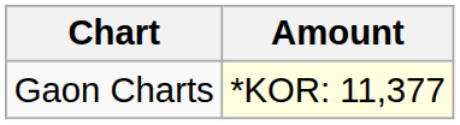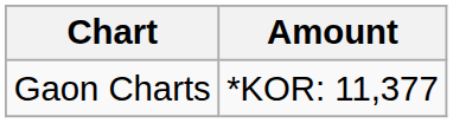 <table class="wikitable">
 <tr>
 <th>Chart</th>
 <th>Amount</th>
 </tr>
 <tr>
 <td>Gaon Charts</td>
-<td style="background: lightyellow;">*KOR: 11,377</td>
+<td>*KOR: 11,377</td>
 </tr>
 </table>
